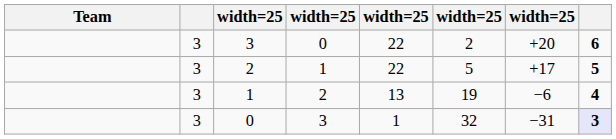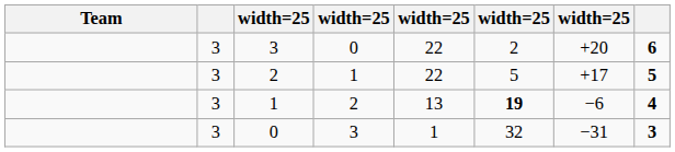 <table class="wikitable" style="text-align: center;">
 <tr>
 <th width="165">Team</th>
 <th width=25></th>
 <th>width=25</th>
 <th>width=25</th>
 <th>width=25</th>
 <th>width=25</th>
 <th>width=25</th>
 <th width=25></th>
 </tr>
 <tr>
 <td style="text-align:left;"></td>
 <td>3</td>
 <td>3</td>
 <td>0</td>
 <td>22</td>
 <td>2</td>
 <td>+20</td>
 <td><strong>6</strong></td>
 </tr>
 <tr>
 <td style="text-align:left;"></td>
 <td>3</td>
 <td>2</td>
 <td>1</td>
 <td>22</td>
 <td>5</td>
 <td>+17</td>
 <td><strong>5</strong></td>
 </tr>
 <tr>
 <td style="text-align:left;"></td>
 <td>3</td>
 <td>1</td>
 <td>2</td>
 <td>13</td>
-<td>19</td>
+<td><strong>19</strong></td>
 <td>−6</td>
 <td><strong>4</strong></td>
 </tr>
 <tr>
 <td style="text-align:left;"></td>
 <td>3</td>
 <td>0</td>
 <td>3</td>
 <td>1</td>
 <td>32</td>
 <td>−31</td>
-<td style="background: lavender;"><strong>3</strong></td>
+<td><strong>3</strong></td>
 </tr>
 </table>
